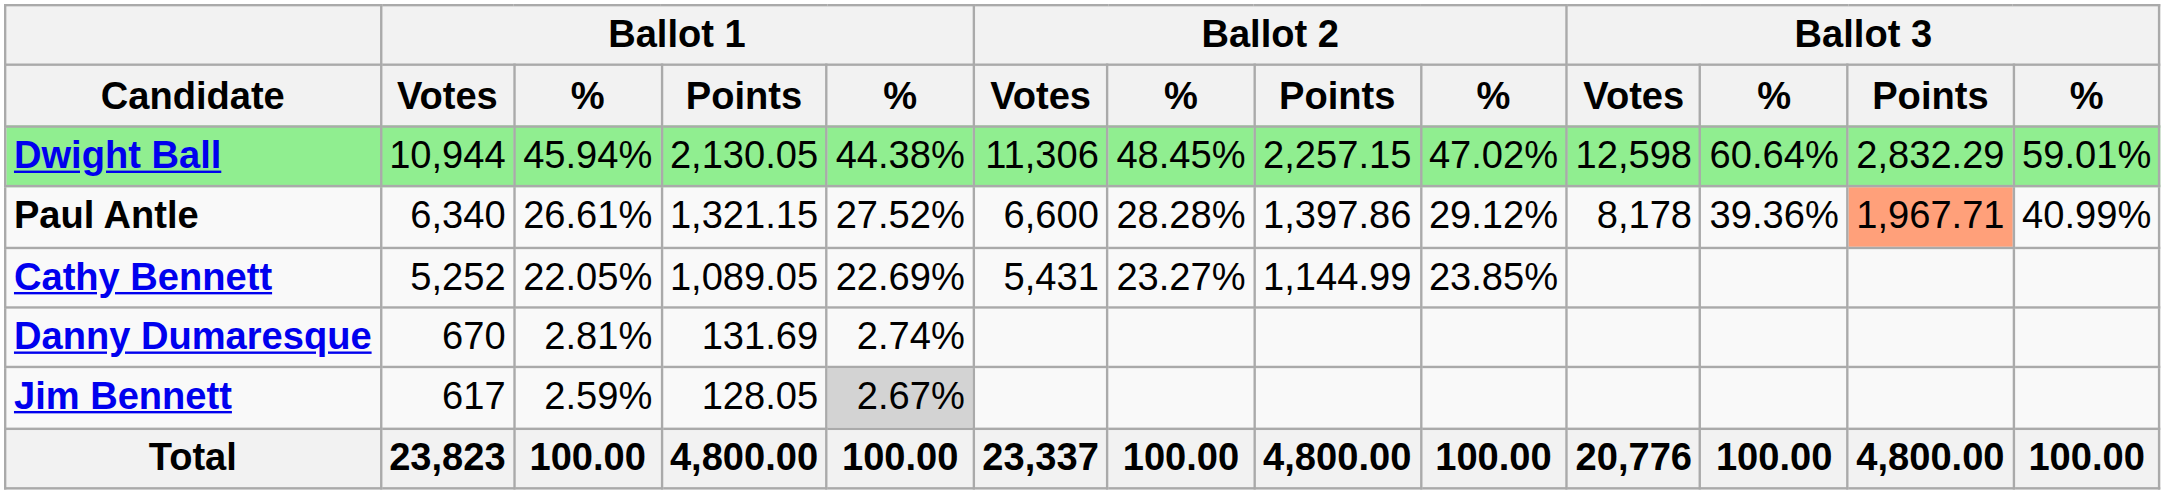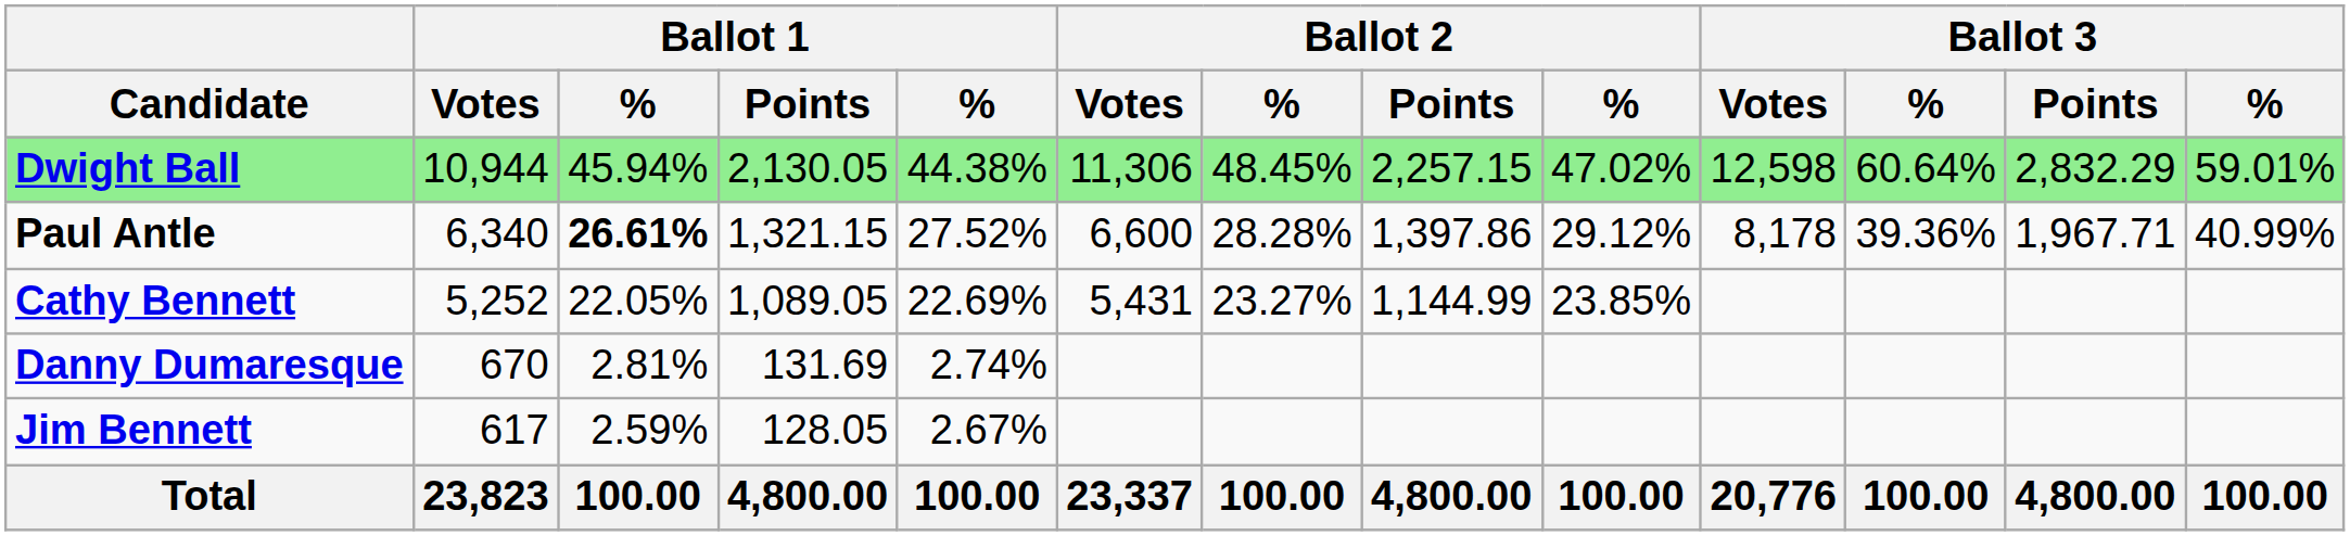 <table class="wikitable">
 <tr>
 <th></th>
 <th colspan = "4">Ballot 1</th>
 <th colspan = "4">Ballot 2</th>
 <th colspan = "4">Ballot 3</th>
 </tr>
 <tr>
 <th>Candidate</th>
 <th>Votes</th>
 <th>%</th>
 <th>Points</th>
 <th>%</th>
 <th>Votes</th>
 <th>%</th>
 <th>Points</th>
 <th>%</th>
 <th>Votes</th>
 <th>%</th>
 <th>Points</th>
 <th>%</th>
 </tr>
 <tr style="text-align:right;background:lightgreen;">
 <td align=left><strong><a href='#'>Dwight Ball</a></strong></td>
 <td>10,944</td>
 <td>45.94%</td>
 <td>2,130.05</td>
 <td>44.38%</td>
 <td>11,306</td>
 <td>48.45%</td>
 <td>2,257.15</td>
 <td>47.02%</td>
 <td>12,598</td>
 <td>60.64%</td>
 <td>2,832.29</td>
 <td>59.01%</td>
 </tr>
 <tr style="text-align:right;">
 <td align=left><strong>Paul Antle</strong></td>
 <td>6,340</td>
-<td>26.61%</td>
+<td><strong>26.61%</strong></td>
 <td>1,321.15</td>
 <td>27.52%</td>
 <td>6,600</td>
 <td>28.28%</td>
 <td>1,397.86</td>
 <td>29.12%</td>
 <td>8,178</td>
 <td>39.36%</td>
-<td style="background: lightsalmon;">1,967.71</td>
+<td>1,967.71</td>
 <td>40.99%</td>
 </tr>
 <tr style="text-align:right;">
 <td align=left><strong><a href='#'>Cathy Bennett</a></strong></td>
 <td>5,252</td>
 <td>22.05%</td>
 <td>1,089.05</td>
 <td>22.69%</td>
 <td>5,431</td>
 <td>23.27%</td>
 <td>1,144.99</td>
 <td>23.85%</td>
 <td></td>
 <td></td>
 <td></td>
 <td></td>
 </tr>
 <tr style="text-align:right;">
 <td align=left><strong><a href='#'>Danny Dumaresque</a></strong></td>
 <td>670</td>
 <td>2.81%</td>
 <td>131.69</td>
 <td>2.74%</td>
 <td></td>
 <td></td>
 <td></td>
 <td></td>
 <td></td>
 <td></td>
 <td></td>
 <td></td>
 </tr>
 <tr style="text-align:right;">
 <td align=left><strong><a href='#'>Jim Bennett</a></strong></td>
 <td>617</td>
 <td>2.59%</td>
 <td>128.05</td>
-<td style="background: lightgrey;">2.67%</td>
+<td>2.67%</td>
 <td></td>
 <td></td>
 <td></td>
 <td></td>
 <td></td>
 <td></td>
 <td></td>
 <td></td>
 </tr>
 <tr style="text-align:right;">
 <th>Total</th>
 <th>23,823</th>
 <th>100.00</th>
 <th>4,800.00</th>
 <th>100.00</th>
 <th>23,337</th>
 <th>100.00</th>
 <th>4,800.00</th>
 <th>100.00</th>
 <th>20,776</th>
 <th>100.00</th>
 <th>4,800.00</th>
 <th>100.00</th>
 </tr>
 </table>
